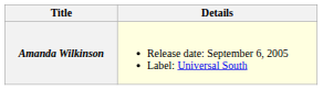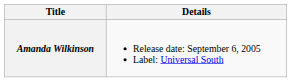 <table class="wikitable plainrowheaders">
 <tr>
 <th style="width:10em;">Title</th>
 <th style="width:18em;">Details</th>
 </tr>
 <tr>
 <th scope="row"><em>Amanda Wilkinson</em></th>
-<td style="background: lightyellow;"><br><ul><li>Release date: September 6, 2005</li><li>Label: <a href='#'>Universal South</a></li></ul></td>
+<td><br><ul><li>Release date: September 6, 2005</li><li>Label: <a href='#'>Universal South</a></li></ul></td>
 </tr>
 </table>
